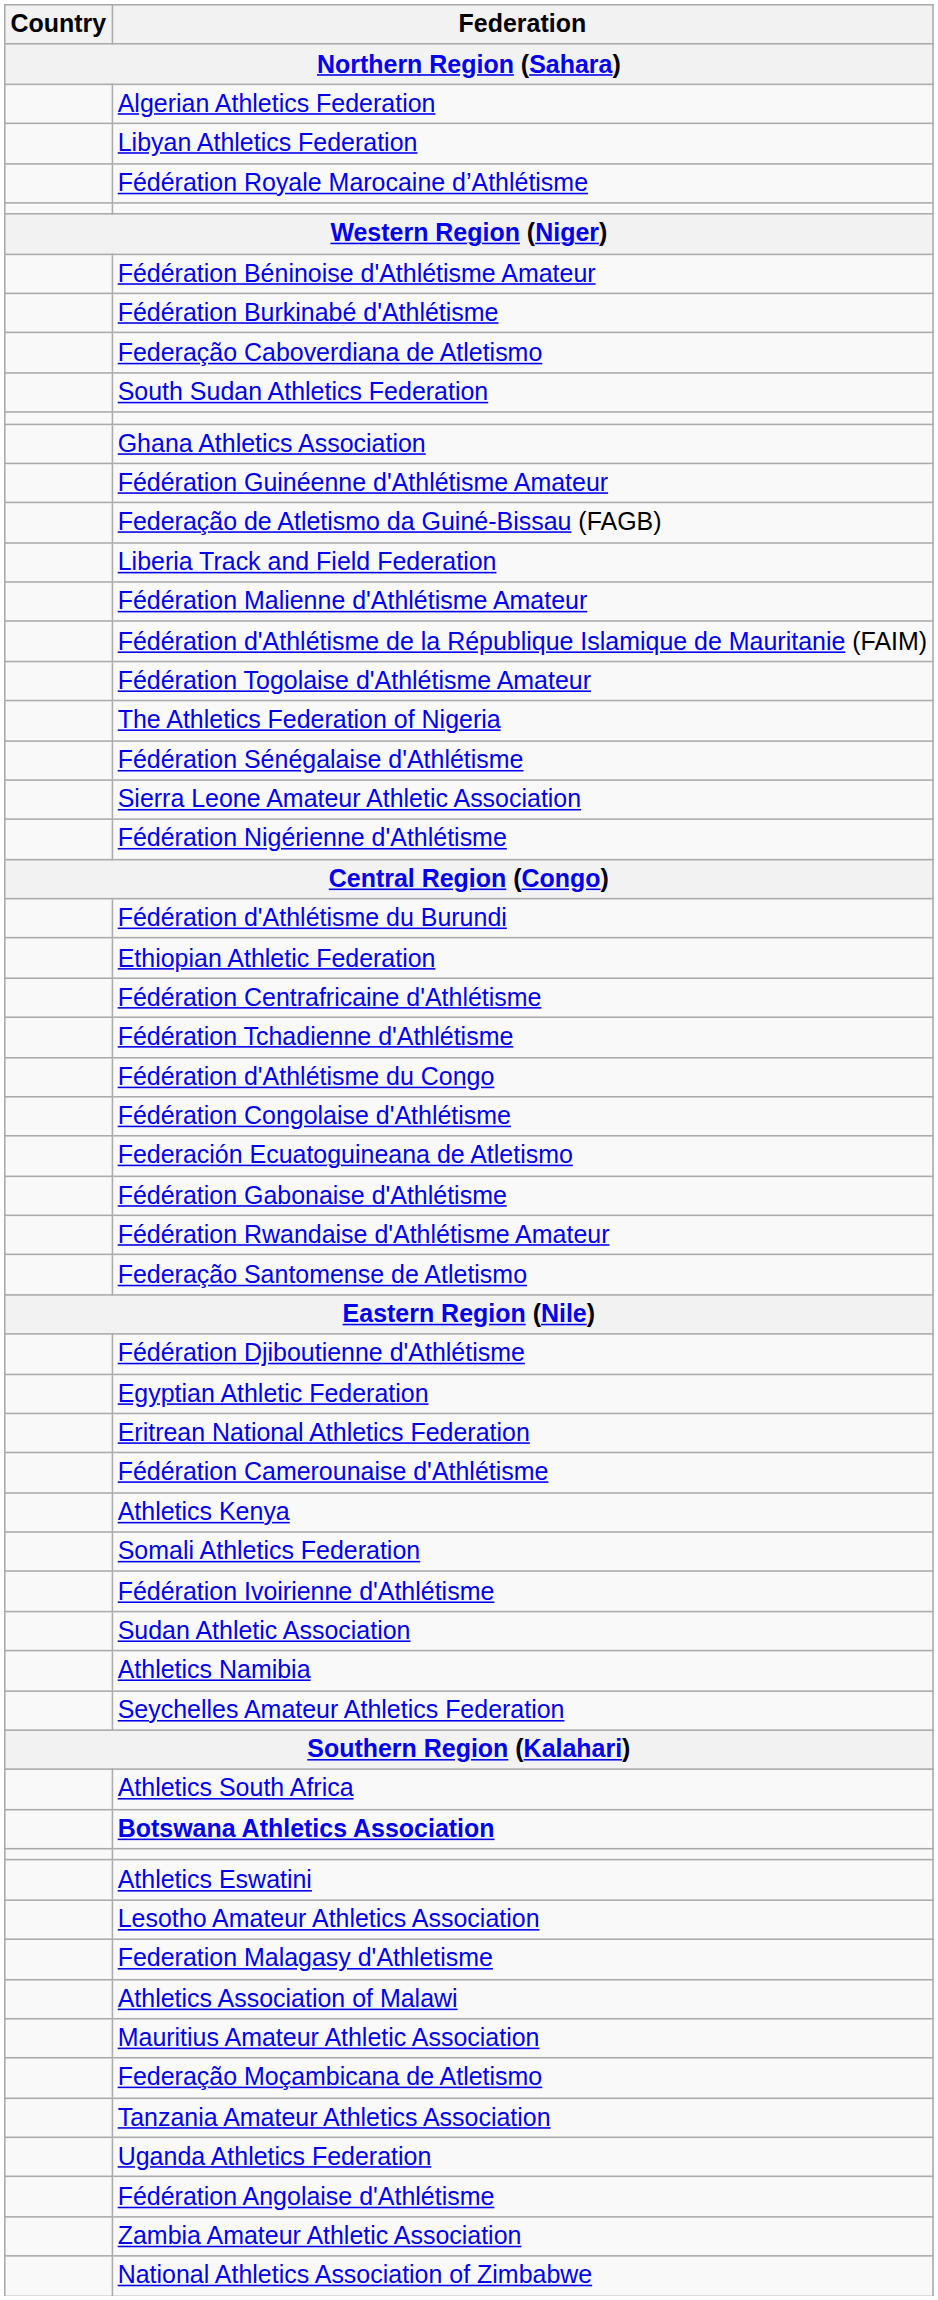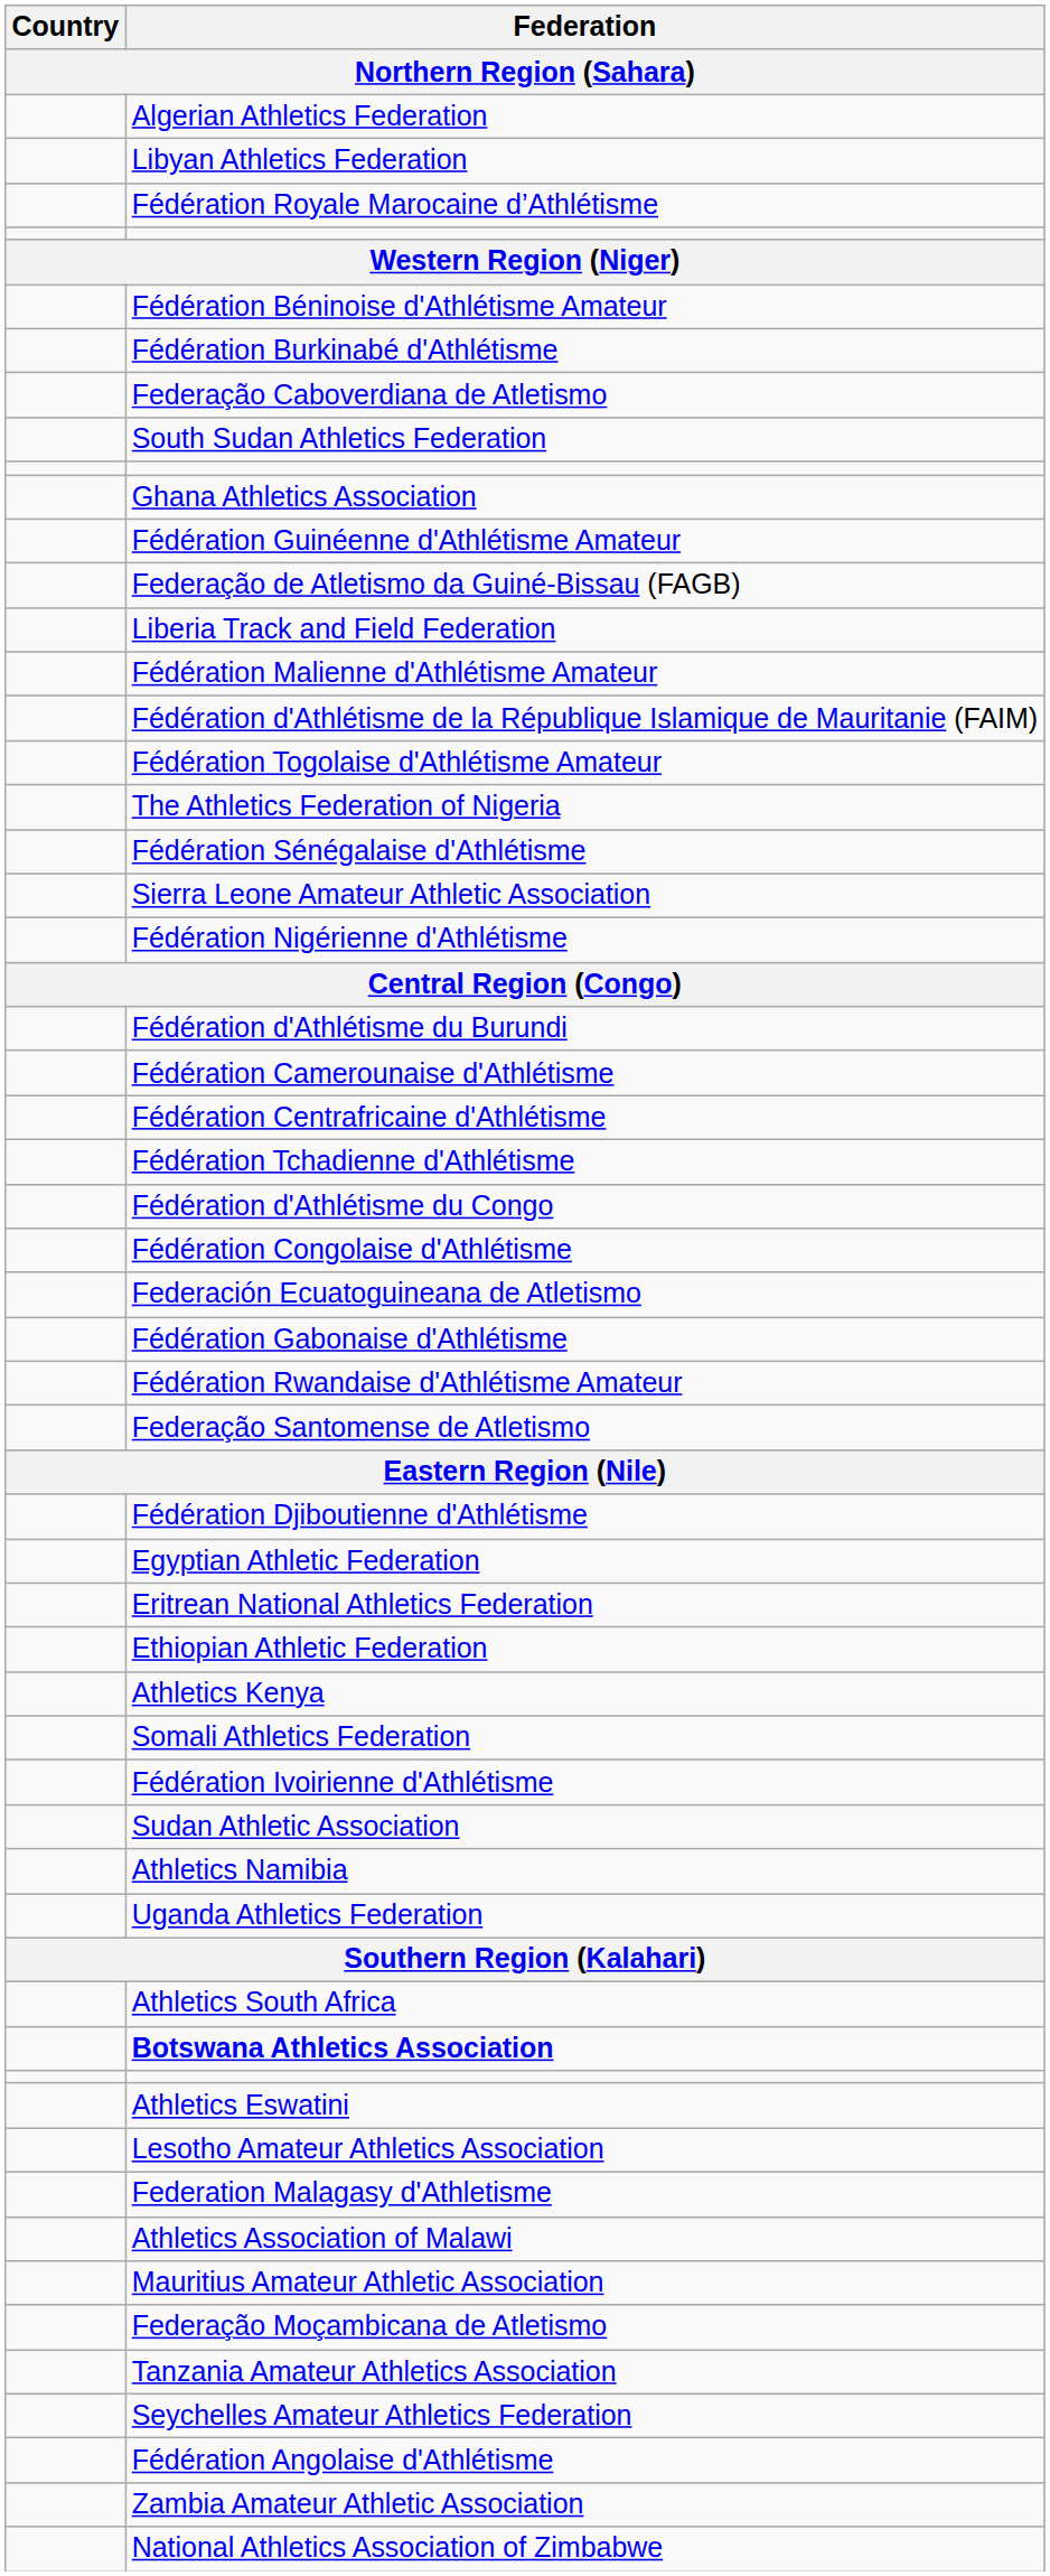 <table class=wikitable>
 <tr>
 <th>Country</th>
 <th>Federation</th>
 </tr>
 <tr>
 <th colspan=2><a href='#'>Northern Region</a> (<a href='#'>Sahara</a>)</th>
 </tr>
 <tr>
 <td></td>
 <td><a href='#'>Algerian Athletics Federation</a></td>
 </tr>
 <tr>
 <td></td>
 <td><a href='#'>Libyan Athletics Federation</a></td>
 </tr>
 <tr>
 <td></td>
 <td><a href='#'>Fédération Royale Marocaine d’Athlétisme</a></td>
 </tr>
 <tr>
 <td></td>
 <td></td>
 </tr>
 <tr>
 <th colspan=2><a href='#'>Western Region</a> (<a href='#'>Niger</a>)</th>
 </tr>
 <tr>
 <td></td>
 <td><a href='#'>Fédération Béninoise d'Athlétisme Amateur</a></td>
 </tr>
 <tr>
 <td></td>
 <td><a href='#'>Fédération Burkinabé d'Athlétisme</a></td>
 </tr>
 <tr>
 <td></td>
 <td><a href='#'>Federação Caboverdiana de Atletismo</a></td>
 </tr>
 <tr>
 <td></td>
 <td><a href='#'>South Sudan Athletics Federation</a></td>
 </tr>
 <tr>
 <td></td>
 <td></td>
 </tr>
 <tr>
 <td></td>
 <td><a href='#'>Ghana Athletics Association</a></td>
 </tr>
 <tr>
 <td></td>
 <td><a href='#'>Fédération Guinéenne d'Athlétisme Amateur</a></td>
 </tr>
 <tr>
 <td></td>
 <td><a href='#'>Federação de Atletismo da Guiné-Bissau</a> (FAGB)</td>
 </tr>
 <tr>
 <td></td>
 <td><a href='#'>Liberia Track and Field Federation</a></td>
 </tr>
 <tr>
 <td></td>
 <td><a href='#'>Fédération Malienne d'Athlétisme Amateur</a></td>
 </tr>
 <tr>
 <td></td>
 <td><a href='#'>Fédération d'Athlétisme de la République Islamique de Mauritanie</a> (FAIM)</td>
 </tr>
 <tr>
 <td></td>
 <td><a href='#'>Fédération Togolaise d'Athlétisme Amateur</a></td>
 </tr>
 <tr>
 <td></td>
 <td><a href='#'>The Athletics Federation of Nigeria</a></td>
 </tr>
 <tr>
 <td></td>
 <td><a href='#'>Fédération Sénégalaise d'Athlétisme</a></td>
 </tr>
 <tr>
 <td></td>
 <td><a href='#'>Sierra Leone Amateur Athletic Association</a></td>
 </tr>
 <tr>
 <td></td>
 <td><a href='#'>Fédération Nigérienne d'Athlétisme</a></td>
 </tr>
 <tr>
 <th colspan=2><a href='#'>Central Region</a> (<a href='#'>Congo</a>)</th>
 </tr>
 <tr>
 <td></td>
 <td><a href='#'>Fédération d'Athlétisme du Burundi</a></td>
 </tr>
 <tr>
 <td></td>
-<td><a href='#'>Ethiopian Athletic Federation</a></td>
+<td><a href='#'>Fédération Camerounaise d'Athlétisme</a></td>
 </tr>
 <tr>
 <td></td>
 <td><a href='#'>Fédération Centrafricaine d'Athlétisme</a></td>
 </tr>
 <tr>
 <td></td>
 <td><a href='#'>Fédération Tchadienne d'Athlétisme</a></td>
 </tr>
 <tr>
 <td></td>
 <td><a href='#'>Fédération d'Athlétisme du Congo</a></td>
 </tr>
 <tr>
 <td></td>
 <td><a href='#'>Fédération Congolaise d'Athlétisme</a></td>
 </tr>
 <tr>
 <td></td>
 <td><a href='#'>Federación Ecuatoguineana de Atletismo</a></td>
 </tr>
 <tr>
 <td></td>
 <td><a href='#'>Fédération Gabonaise d'Athlétisme</a></td>
 </tr>
 <tr>
 <td></td>
 <td><a href='#'>Fédération Rwandaise d'Athlétisme Amateur</a></td>
 </tr>
 <tr>
 <td></td>
 <td><a href='#'>Federação Santomense de Atletismo</a></td>
 </tr>
 <tr>
 <th colspan=2><a href='#'>Eastern Region</a> (<a href='#'>Nile</a>)</th>
 </tr>
 <tr>
 <td></td>
 <td><a href='#'>Fédération Djiboutienne d'Athlétisme</a></td>
 </tr>
 <tr>
 <td></td>
 <td><a href='#'>Egyptian Athletic Federation</a></td>
 </tr>
 <tr>
 <td></td>
 <td><a href='#'>Eritrean National Athletics Federation</a></td>
 </tr>
 <tr>
 <td></td>
-<td><a href='#'>Fédération Camerounaise d'Athlétisme</a></td>
+<td><a href='#'>Ethiopian Athletic Federation</a></td>
 </tr>
 <tr>
 <td></td>
 <td><a href='#'>Athletics Kenya</a></td>
 </tr>
 <tr>
 <td></td>
 <td><a href='#'>Somali Athletics Federation</a></td>
 </tr>
 <tr>
 <td></td>
 <td><a href='#'>Fédération Ivoirienne d'Athlétisme</a></td>
 </tr>
 <tr>
 <td></td>
 <td><a href='#'>Sudan Athletic Association</a></td>
 </tr>
 <tr>
 <td></td>
 <td><a href='#'>Athletics Namibia</a></td>
 </tr>
 <tr>
 <td></td>
-<td><a href='#'>Seychelles Amateur Athletics Federation</a></td>
+<td><a href='#'>Uganda Athletics Federation</a></td>
 </tr>
 <tr>
 <th colspan=2><a href='#'>Southern Region</a> (<a href='#'>Kalahari</a>)</th>
 </tr>
 <tr>
 <td></td>
 <td><a href='#'>Athletics South Africa</a></td>
 </tr>
 <tr>
 <td></td>
 <td><strong><a href='#'>Botswana Athletics Association</a></strong></td>
 </tr>
 <tr>
 <td></td>
 <td></td>
 </tr>
 <tr>
 <td></td>
 <td><a href='#'>Athletics Eswatini</a></td>
 </tr>
 <tr>
 <td></td>
 <td><a href='#'>Lesotho Amateur Athletics Association</a></td>
 </tr>
 <tr>
 <td></td>
 <td><a href='#'>Federation Malagasy d'Athletisme</a></td>
 </tr>
 <tr>
 <td></td>
 <td><a href='#'>Athletics Association of Malawi</a></td>
 </tr>
 <tr>
 <td></td>
 <td><a href='#'>Mauritius Amateur Athletic Association</a></td>
 </tr>
 <tr>
 <td></td>
 <td><a href='#'>Federação Moçambicana de Atletismo</a></td>
 </tr>
 <tr>
 <td></td>
 <td><a href='#'>Tanzania Amateur Athletics Association</a></td>
 </tr>
 <tr>
 <td></td>
-<td><a href='#'>Uganda Athletics Federation</a></td>
+<td><a href='#'>Seychelles Amateur Athletics Federation</a></td>
 </tr>
 <tr>
 <td></td>
 <td><a href='#'>Fédération Angolaise d'Athlétisme</a></td>
 </tr>
 <tr>
 <td></td>
 <td><a href='#'>Zambia Amateur Athletic Association</a></td>
 </tr>
 <tr>
 <td></td>
 <td><a href='#'>National Athletics Association of Zimbabwe</a></td>
 </tr>
 </table>
